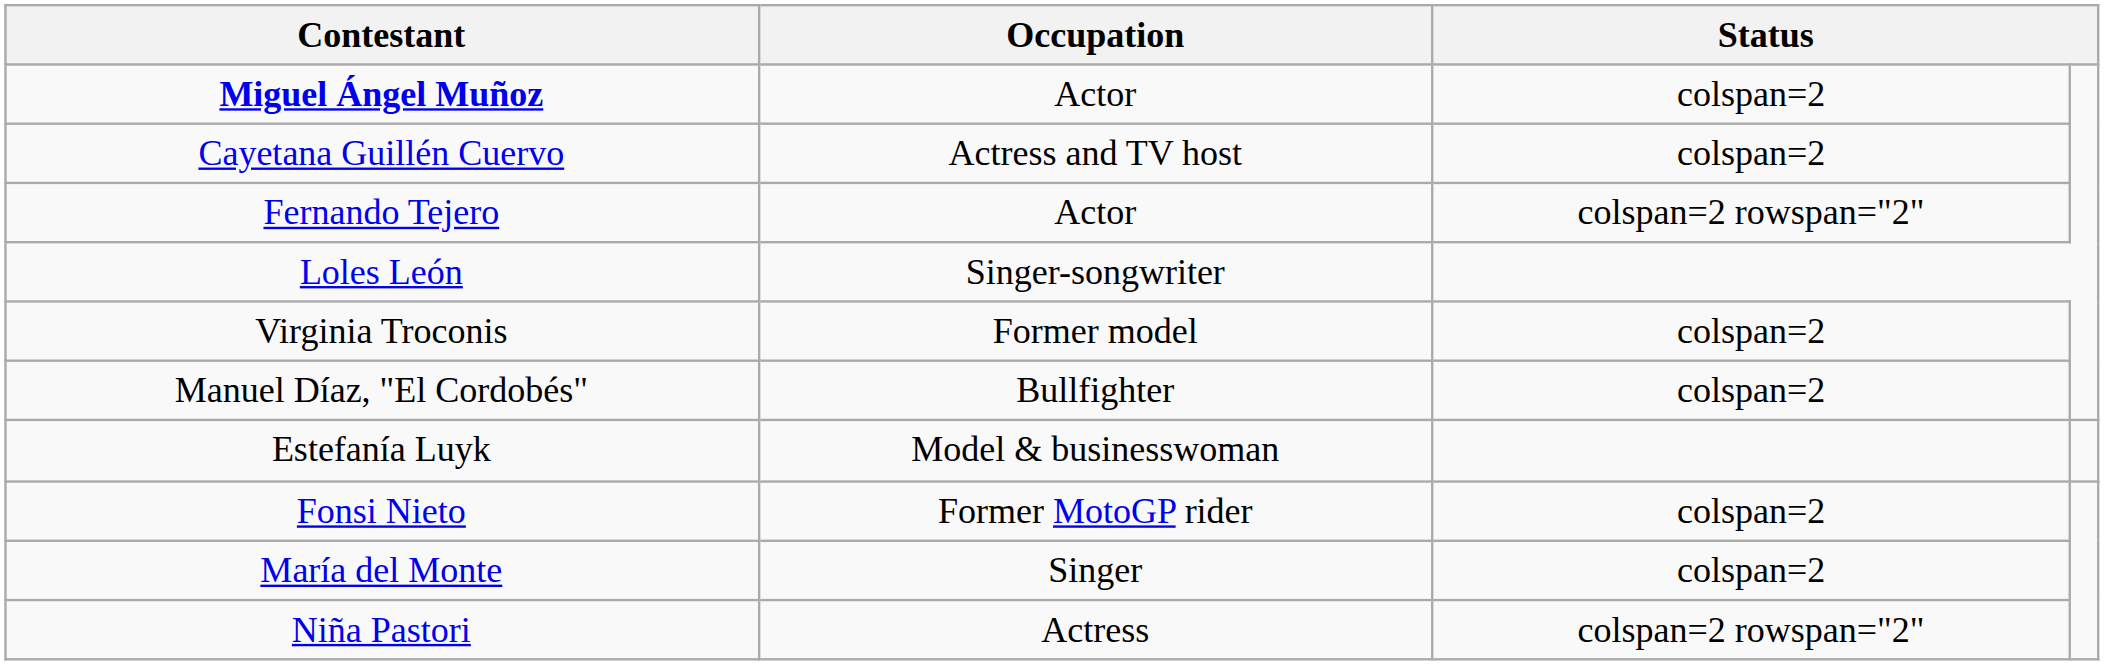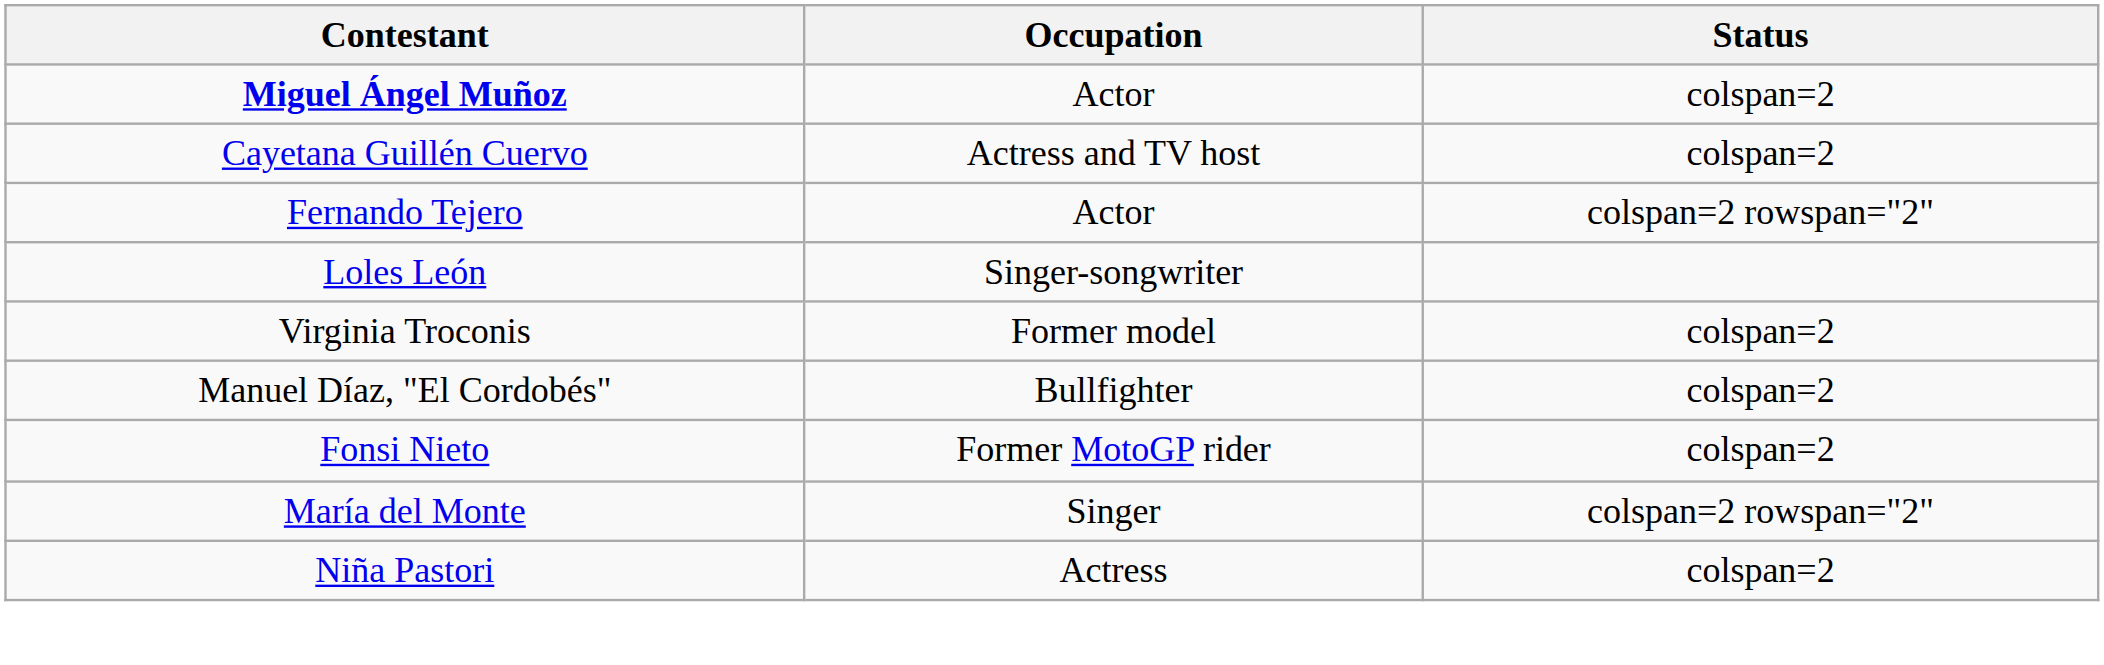 <table class="wikitable" style="margin:auto; text-align:center; width:70%; font-size:95%">
 <tr>
 <th>Contestant</th>
 <th>Occupation</th>
 <th colspan=2>Status</th>
 </tr>
 <tr>
 <td><strong><a href='#'>Miguel Ángel Muñoz</a></strong></td>
 <td>Actor</td>
 <td>colspan=2 </td>
 </tr>
 <tr>
 <td><a href='#'>Cayetana Guillén Cuervo</a></td>
 <td>Actress and TV host</td>
 <td>colspan=2 </td>
 </tr>
 <tr>
 <td><a href='#'>Fernando Tejero</a></td>
 <td>Actor</td>
 <td>colspan=2 rowspan="2" </td>
 </tr>
 <tr>
 <td><a href='#'>Loles León</a></td>
 <td>Singer-songwriter</td>
 </tr>
 <tr>
 <td>Virginia Troconis</td>
 <td>Former model</td>
 <td>colspan=2 </td>
 </tr>
 <tr>
 <td>Manuel Díaz, "El Cordobés"</td>
 <td>Bullfighter</td>
 <td>colspan=2 </td>
 </tr>
 <tr>
-<td>Estefanía Luyk</td>
-<td>Model & businesswoman</td>
-<td></td>
-<td></td>
-</tr>
-<tr>
 <td><a href='#'>Fonsi Nieto</a></td>
 <td>Former <a href='#'>MotoGP</a> rider</td>
 <td>colspan=2 </td>
 </tr>
 <tr>
 <td><a href='#'>María del Monte</a></td>
 <td>Singer</td>
-<td>colspan=2 </td>
+<td>colspan=2 rowspan="2" </td>
 </tr>
 <tr>
 <td><a href='#'>Niña Pastori</a></td>
 <td>Actress</td>
-<td>colspan=2 rowspan="2" </td>
+<td>colspan=2 </td>
 </tr>
 </table>
